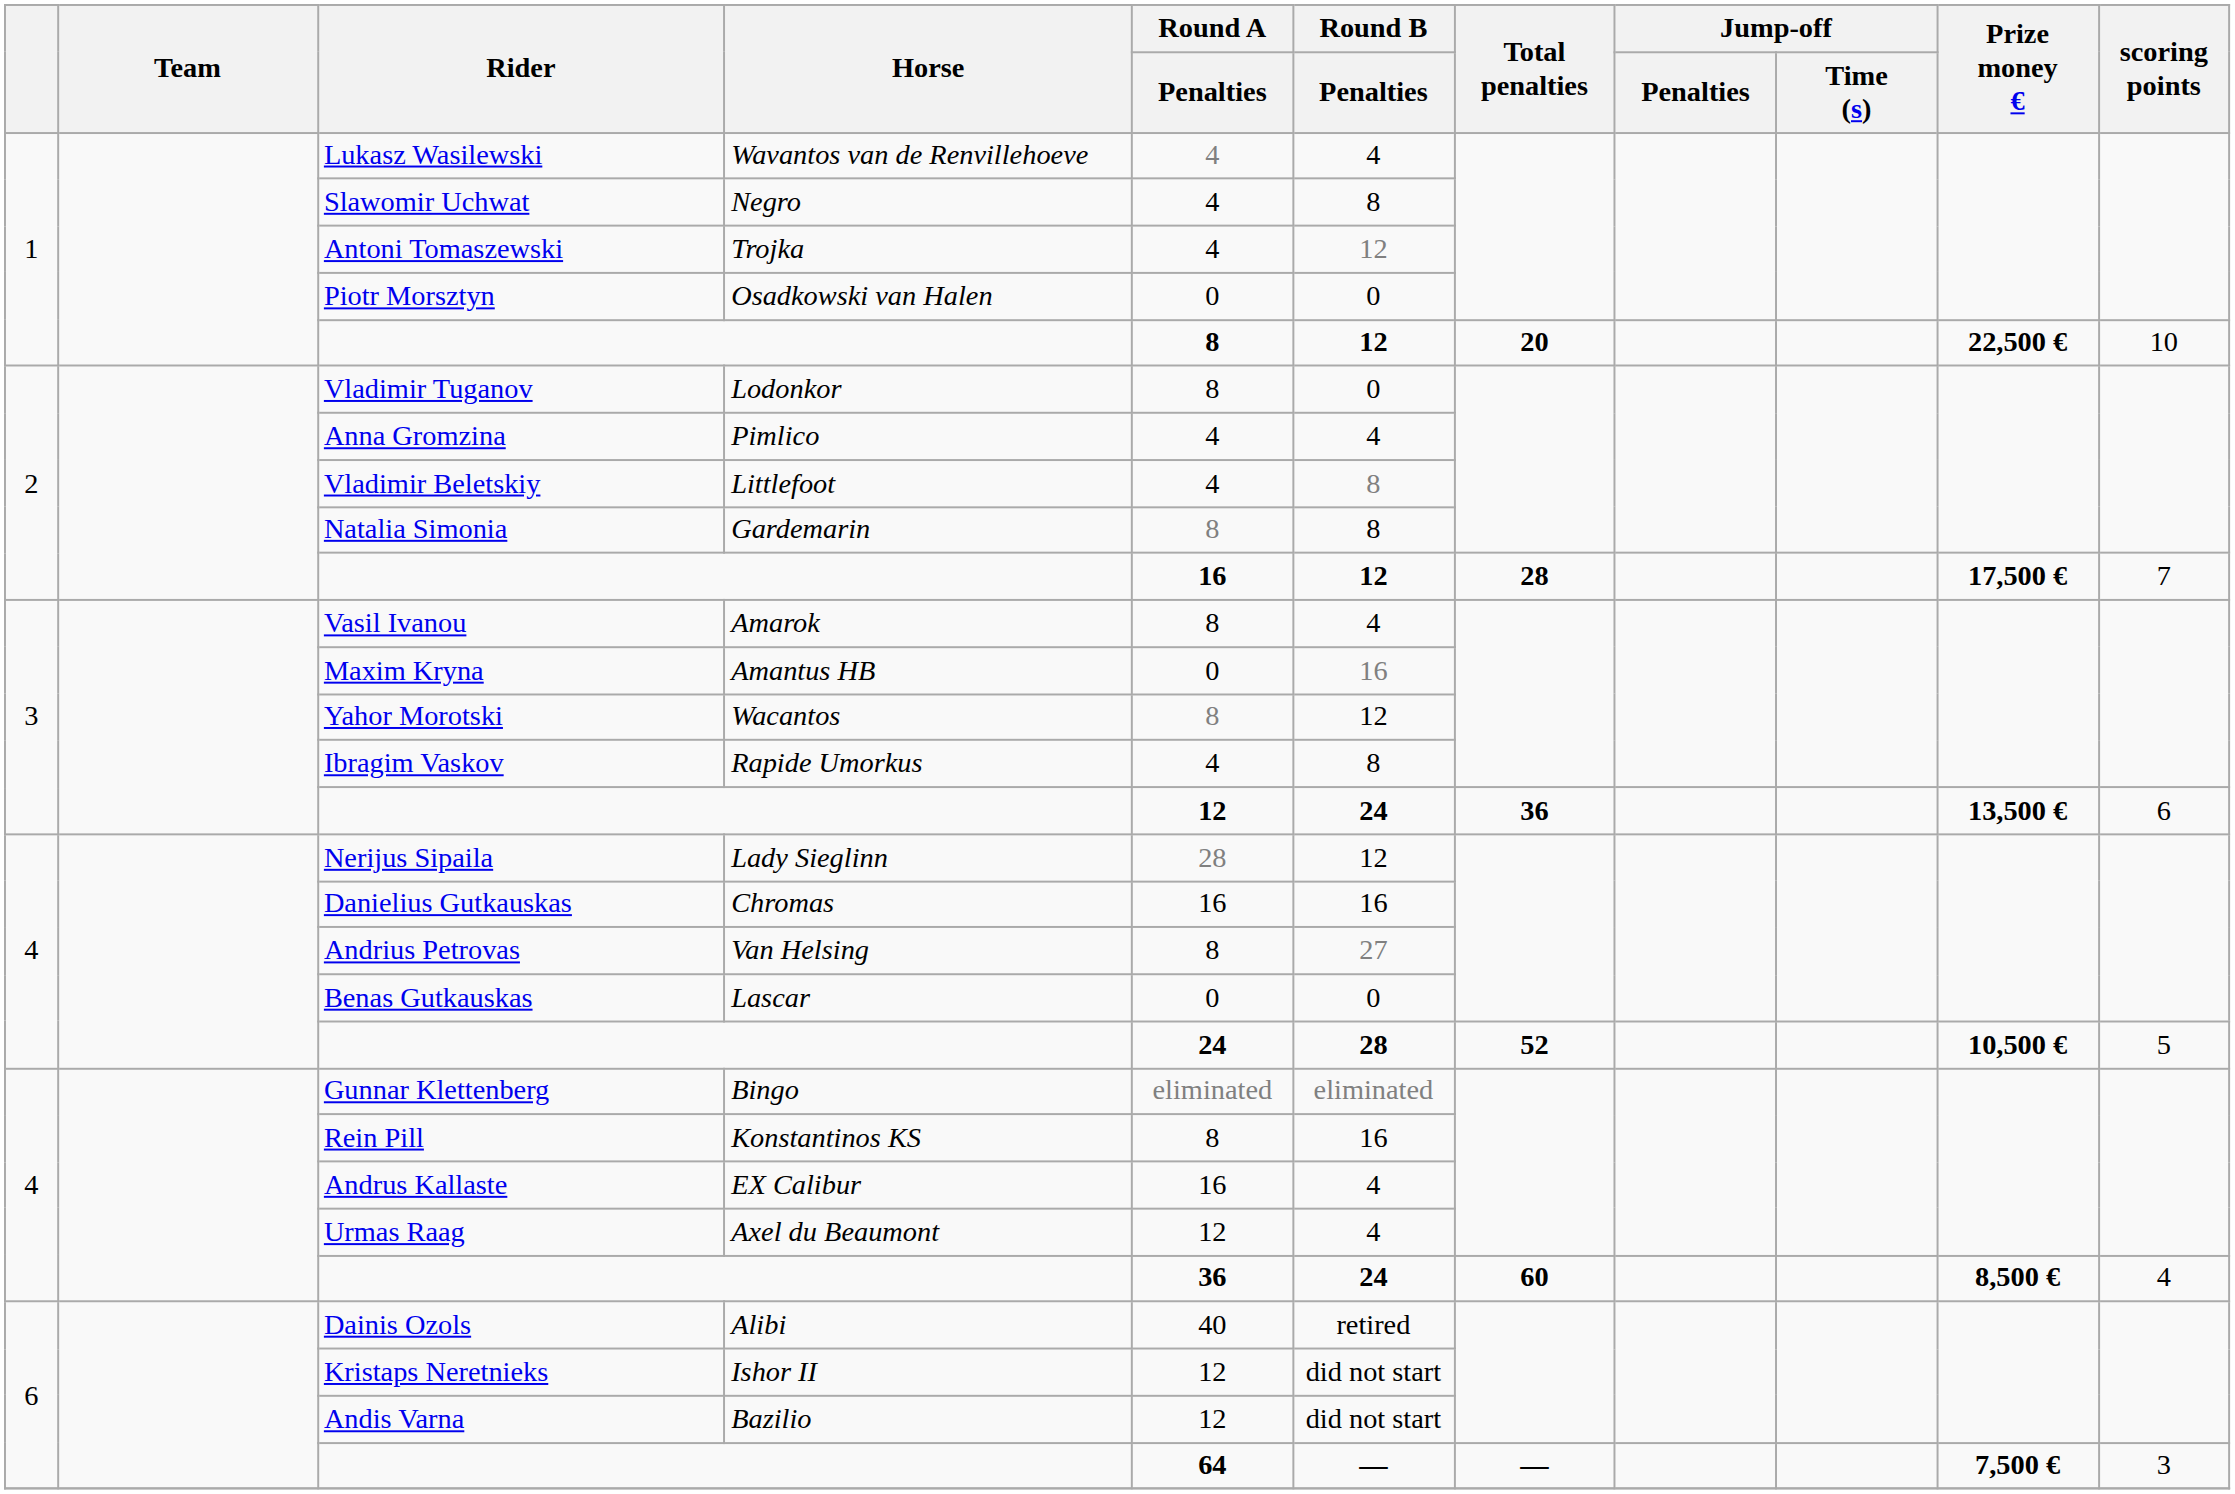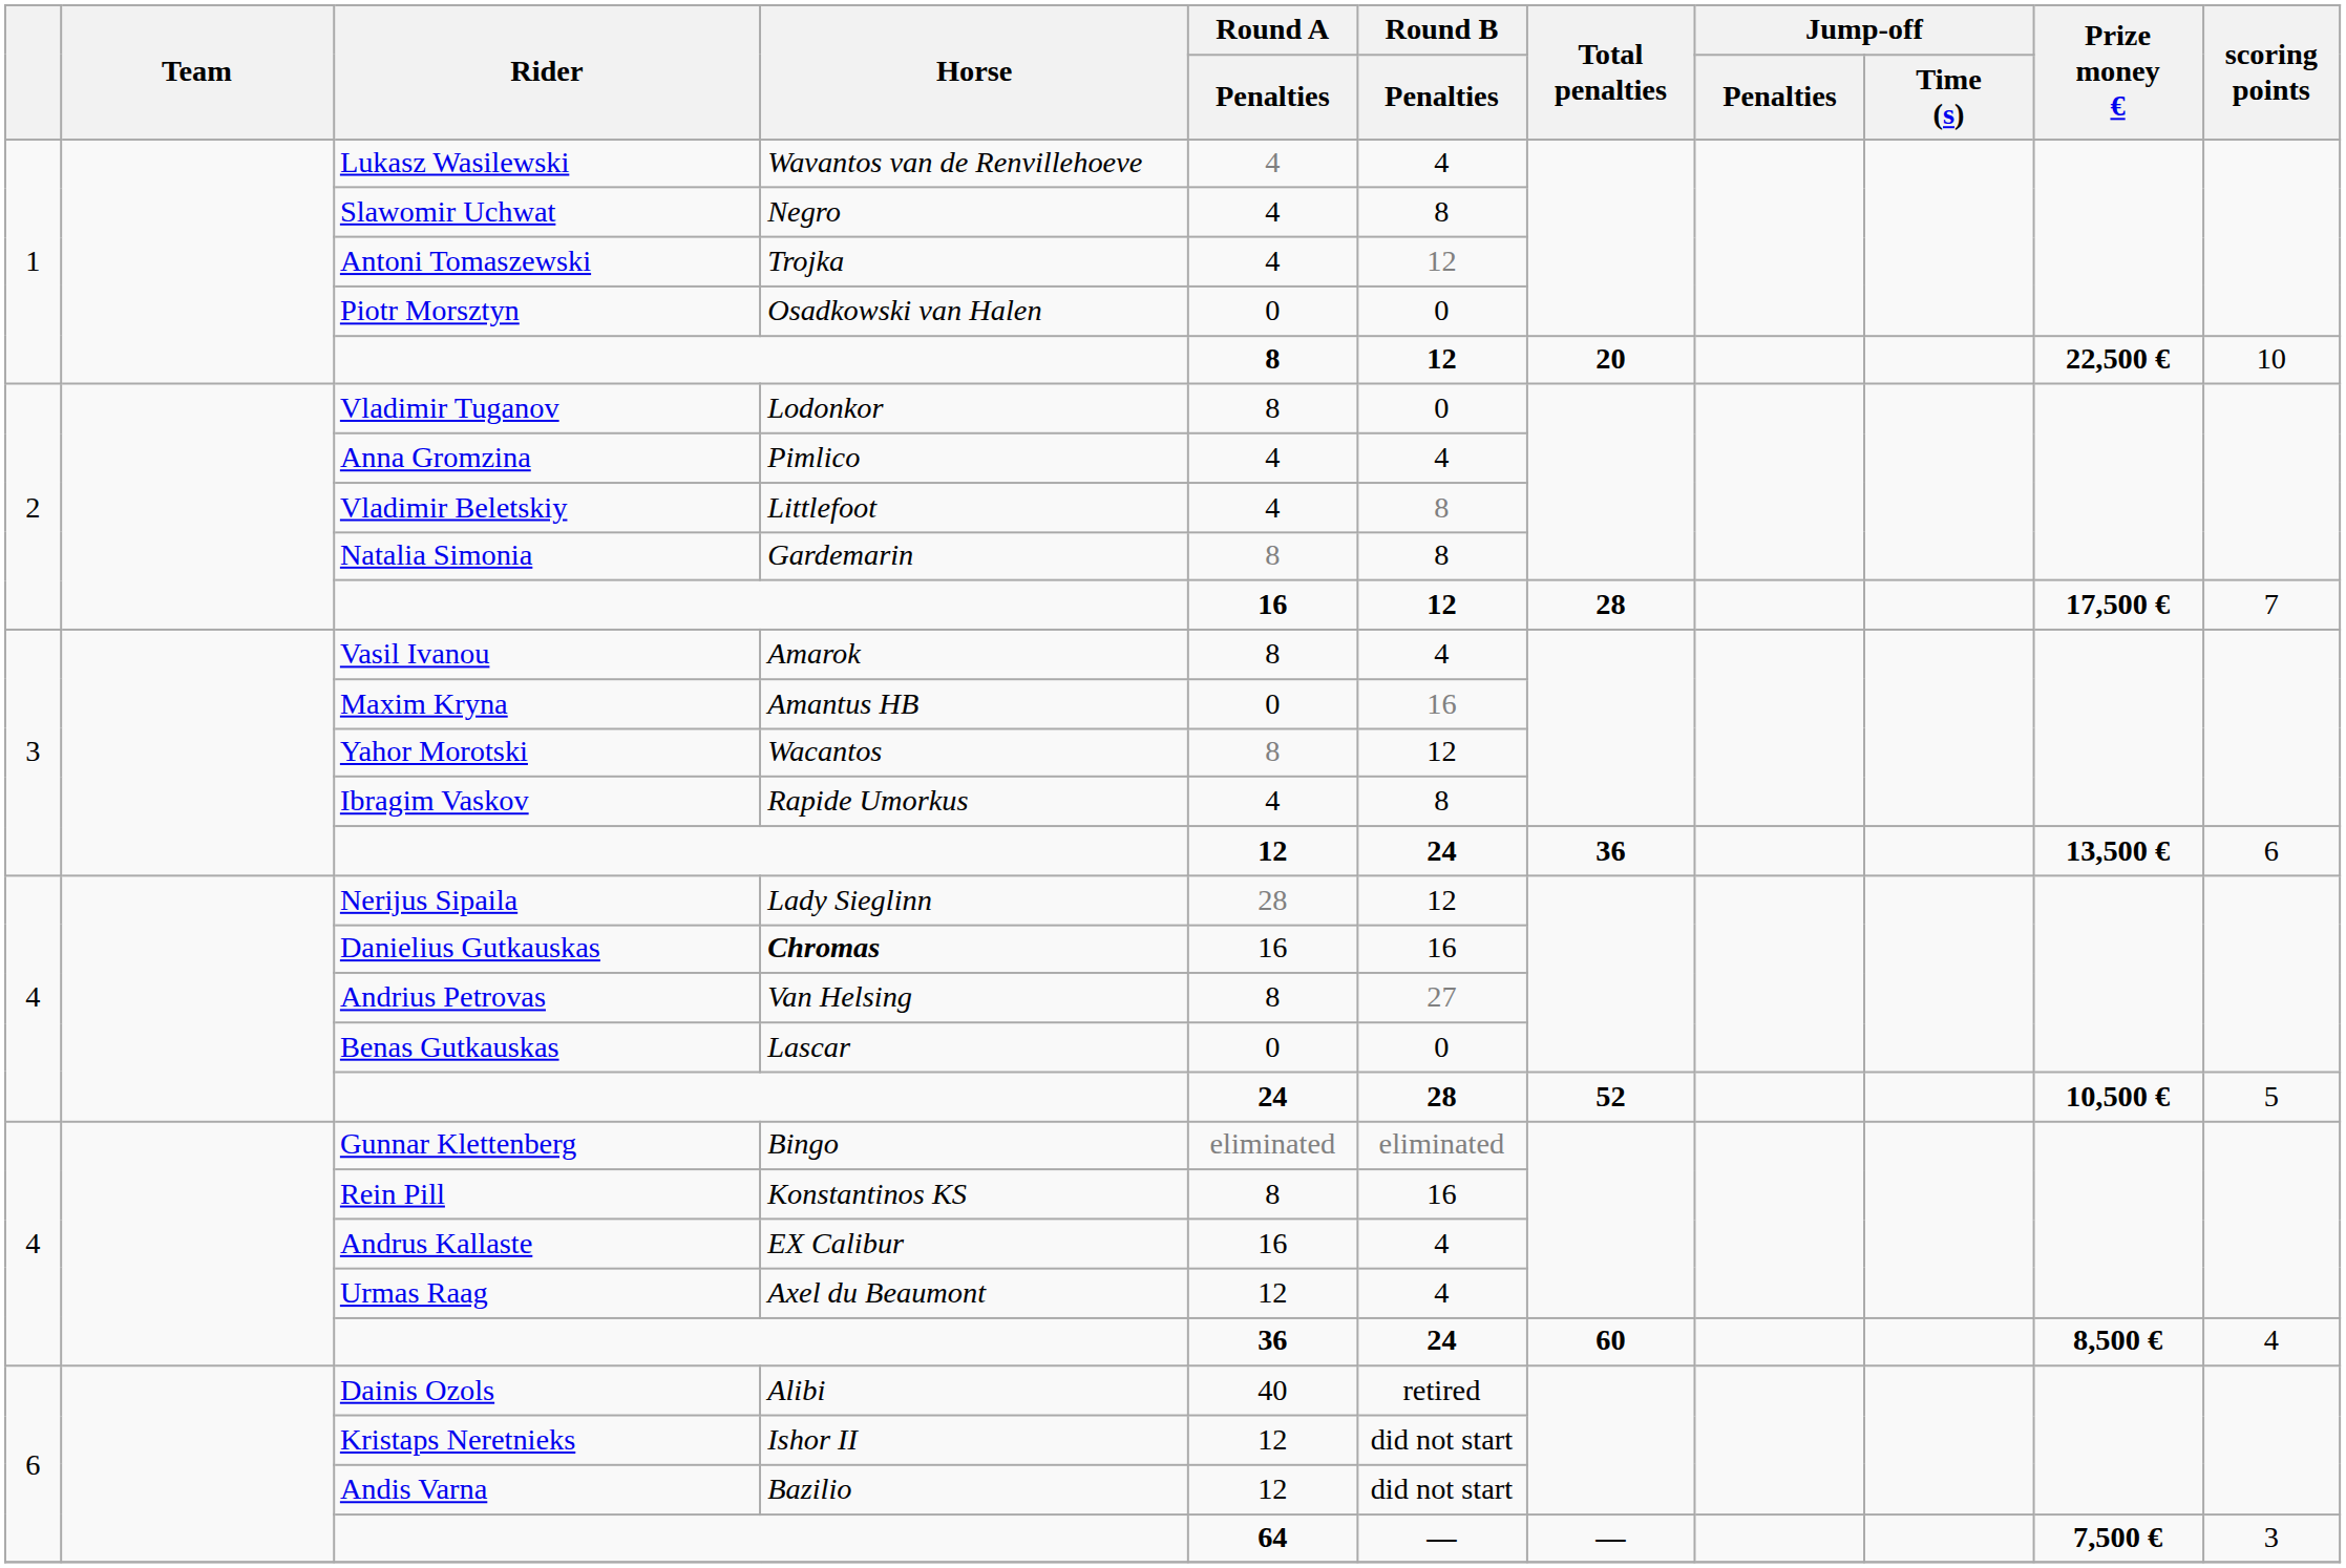 <table class="wikitable" style="font-size: 90%">
 <tr>
 <th rowspan=2 width=20></th>
 <th rowspan=2 width=125>Team</th>
 <th rowspan=2 width=200>Rider</th>
 <th rowspan=2 width=200>Horse</th>
 <th>Round A</th>
 <th>Round B</th>
 <th rowspan=2 width=75>Total penalties</th>
 <th colspan=2>Jump-off</th>
 <th rowspan=2 width=75>Prize<br>money<br><a href='#'>€</a></th>
 <th rowspan=2 width=60>scoring<br>points</th>
 </tr>
 <tr>
 <th width=75>Penalties</th>
 <th width=75>Penalties</th>
 <th width=75>Penalties</th>
 <th width=75>Time<br>(<a href='#'>s</a>)</th>
 </tr>
 <tr>
 <td rowspan=5 align=center>1</td>
 <td rowspan=5></td>
 <td><a href='#'>Lukasz Wasilewski</a></td>
 <td><em>Wavantos van de Renvillehoeve</em></td>
 <td align=center style=color:gray>4</td>
 <td align=center>4</td>
 <td rowspan=4></td>
 <td rowspan=4></td>
 <td rowspan=4></td>
 <td rowspan=4></td>
 </tr>
 <tr>
 <td><a href='#'>Slawomir Uchwat</a></td>
 <td><em>Negro</em></td>
 <td align=center>4</td>
 <td align=center>8</td>
 </tr>
 <tr>
 <td><a href='#'>Antoni Tomaszewski</a></td>
 <td><em>Trojka</em></td>
 <td align=center>4</td>
 <td align=center style=color:gray>12</td>
 </tr>
 <tr>
 <td><a href='#'>Piotr Morsztyn</a></td>
 <td><em>Osadkowski van Halen</em></td>
 <td align=center>0</td>
 <td align=center>0</td>
 </tr>
 <tr>
 <td colspan=2></td>
 <td align=center><strong>8</strong></td>
 <td align=center><strong>12</strong></td>
 <td align=center><strong>20</strong></td>
 <td></td>
 <td></td>
 <td align=center><strong>22,500 €</strong></td>
 <td align=center>10</td>
 </tr>
 <tr>
 <td rowspan=5 align=center>2</td>
 <td rowspan=5></td>
 <td><a href='#'>Vladimir Tuganov</a></td>
 <td><em>Lodonkor</em></td>
 <td align=center>8</td>
 <td align=center>0</td>
 <td rowspan=4></td>
 <td rowspan=4></td>
 <td rowspan=4></td>
 <td rowspan=4></td>
 <td rowspan=4></td>
 </tr>
 <tr>
 <td><a href='#'>Anna Gromzina</a></td>
 <td><em>Pimlico</em></td>
 <td align=center>4</td>
 <td align=center>4</td>
 </tr>
 <tr>
 <td><a href='#'>Vladimir Beletskiy</a></td>
 <td><em>Littlefoot</em></td>
 <td align=center>4</td>
 <td align=center style=color:gray>8</td>
 </tr>
 <tr>
 <td><a href='#'>Natalia Simonia</a></td>
 <td><em>Gardemarin</em></td>
 <td align=center style=color:gray>8</td>
 <td align=center>8</td>
 </tr>
 <tr>
 <td colspan=2></td>
 <td align=center><strong>16</strong></td>
 <td align=center><strong>12</strong></td>
 <td align=center><strong>28</strong></td>
 <td></td>
 <td></td>
 <td align=center><strong>17,500 €</strong></td>
 <td align=center>7</td>
 </tr>
 <tr>
 <td rowspan=5 align=center>3</td>
 <td rowspan=5></td>
 <td><a href='#'>Vasil Ivanou</a></td>
 <td><em>Amarok</em></td>
 <td align=center>8</td>
 <td align=center>4</td>
 <td rowspan=4></td>
 <td rowspan=4></td>
 <td rowspan=4></td>
 <td rowspan=4></td>
 </tr>
 <tr>
 <td><a href='#'>Maxim Kryna</a></td>
 <td><em>Amantus HB</em></td>
 <td align=center>0</td>
 <td align=center style=color:gray>16</td>
 </tr>
 <tr>
 <td><a href='#'>Yahor Morotski</a></td>
 <td><em>Wacantos</em></td>
 <td align=center style=color:gray>8</td>
 <td align=center>12</td>
 </tr>
 <tr>
 <td><a href='#'>Ibragim Vaskov</a></td>
 <td><em>Rapide Umorkus</em></td>
 <td align=center>4</td>
 <td align=center>8</td>
 </tr>
 <tr>
 <td colspan=2></td>
 <td align=center><strong>12</strong></td>
 <td align=center><strong>24</strong></td>
 <td align=center><strong>36</strong></td>
 <td></td>
 <td></td>
 <td align=center><strong>13,500 €</strong></td>
 <td align=center>6</td>
 </tr>
 <tr>
 <td rowspan=5 align=center>4</td>
 <td rowspan=5></td>
 <td><a href='#'>Nerijus Sipaila</a></td>
 <td><em>Lady Sieglinn</em></td>
 <td align=center style=color:gray>28</td>
 <td align=center>12</td>
 <td rowspan=4></td>
 <td rowspan=4></td>
 <td rowspan=4></td>
 <td rowspan=4></td>
 </tr>
 <tr>
 <td><a href='#'>Danielius Gutkauskas</a></td>
-<td><em>Chromas</em></td>
+<td><strong><em>Chromas</em></strong></td>
 <td align=center>16</td>
 <td align=center>16</td>
 </tr>
 <tr>
 <td><a href='#'>Andrius Petrovas</a></td>
 <td><em>Van Helsing</em></td>
 <td align=center>8</td>
 <td align=center style=color:gray>27</td>
 </tr>
 <tr>
 <td><a href='#'>Benas Gutkauskas</a></td>
 <td><em>Lascar</em></td>
 <td align=center>0</td>
 <td align=center>0</td>
 </tr>
 <tr>
 <td colspan=2></td>
 <td align=center><strong>24</strong></td>
 <td align=center><strong>28</strong></td>
 <td align=center><strong>52</strong></td>
 <td></td>
 <td></td>
 <td align=center><strong>10,500 €</strong></td>
 <td align=center>5</td>
 </tr>
 <tr>
 <td rowspan=5 align=center>4</td>
 <td rowspan=5></td>
 <td><a href='#'>Gunnar Klettenberg</a></td>
 <td><em>Bingo</em></td>
 <td align=center style=color:gray>eliminated</td>
 <td align=center style=color:gray>eliminated</td>
 <td rowspan=4></td>
 <td rowspan=4></td>
 <td rowspan=4></td>
 <td rowspan=4></td>
 </tr>
 <tr>
 <td><a href='#'>Rein Pill</a></td>
 <td><em>Konstantinos KS</em></td>
 <td align=center>8</td>
 <td align=center>16</td>
 </tr>
 <tr>
 <td><a href='#'>Andrus Kallaste</a></td>
 <td><em>EX Calibur</em></td>
 <td align=center>16</td>
 <td align=center>4</td>
 </tr>
 <tr>
 <td><a href='#'>Urmas Raag</a></td>
 <td><em>Axel du Beaumont</em></td>
 <td align=center>12</td>
 <td align=center>4</td>
 </tr>
 <tr>
 <td colspan=2></td>
 <td align=center><strong>36</strong></td>
 <td align=center><strong>24</strong></td>
 <td align=center><strong>60</strong></td>
 <td></td>
 <td></td>
 <td align=center><strong>8,500 €</strong></td>
 <td align=center>4</td>
 </tr>
 <tr>
 <td rowspan=4 align=center>6</td>
 <td rowspan=4></td>
 <td><a href='#'>Dainis Ozols</a></td>
 <td><em>Alibi</em></td>
 <td align=center>40</td>
 <td align=center>retired</td>
 <td rowspan=3></td>
 <td rowspan=3></td>
 <td rowspan=3></td>
 <td rowspan=3></td>
 </tr>
 <tr>
 <td><a href='#'>Kristaps Neretnieks</a></td>
 <td><em>Ishor II</em></td>
 <td align=center>12</td>
 <td align=center>did not start</td>
 </tr>
 <tr>
 <td><a href='#'>Andis Varna</a></td>
 <td><em>Bazilio</em></td>
 <td align=center>12</td>
 <td align=center>did not start</td>
 </tr>
 <tr>
 <td colspan=2></td>
 <td align=center><strong>64</strong></td>
 <td align=center><strong>—</strong></td>
 <td align=center><strong>—</strong></td>
 <td></td>
 <td></td>
 <td align=center><strong>7,500 €</strong></td>
 <td align=center>3</td>
 </tr>
 <tr>
 </tr>
 </table>
